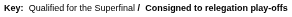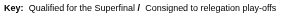 <table style="font-size: 85%;">
 <tr>
 <td height=5></td>
 </tr>
 <tr>
 <td><strong>Key:</strong></td>
 <td></td>
 <td>Qualified for the Superfinal <strong>/</strong></td>
 <td></td>
-<td><strong>Consigned to relegation play-offs</strong></td>
+<td>Consigned to relegation play-offs</td>
 </tr>
 </table>
